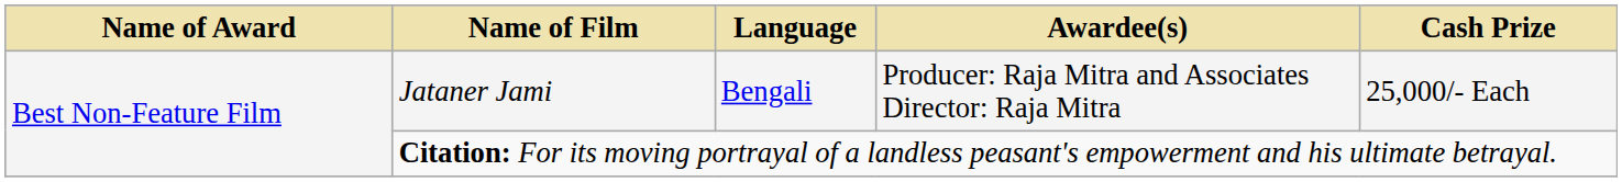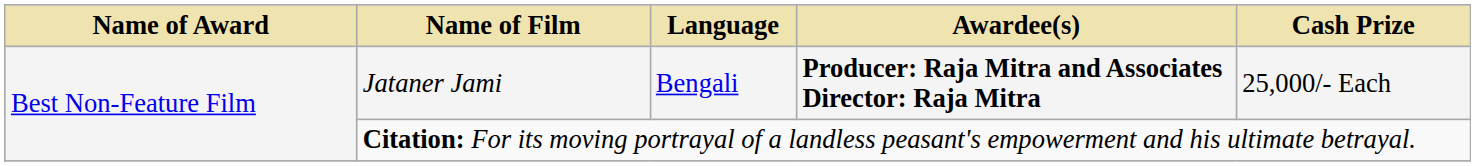 <table class="wikitable" style="width:100%;">
 <tr>
 <th style="background-color:#EFE4B0;width:24%;">Name of Award</th>
 <th style="background-color:#EFE4B0;width:20%;">Name of Film</th>
 <th style="background-color:#EFE4B0;width:10%;">Language</th>
 <th style="background-color:#EFE4B0;width:30%;">Awardee(s)</th>
 <th style="background-color:#EFE4B0;width:16%;">Cash Prize</th>
 </tr>
 <tr style="background-color:#F4F4F4">
 <td rowspan="2"><a href='#'>Best Non-Feature Film</a></td>
 <td><em>Jataner Jami</em></td>
 <td><a href='#'>Bengali</a></td>
-<td>Producer: Raja Mitra and Associates<br>Director: Raja Mitra</td>
+<td><strong>Producer: Raja Mitra and Associates<br>Director: Raja Mitra</strong></td>
 <td> 25,000/- Each</td>
 </tr>
 <tr style="background-color:#F9F9F9">
 <td colspan="4"><strong>Citation:</strong> <em>For its moving portrayal of a landless peasant's empowerment and his ultimate betrayal.</em></td>
 </tr>
 </table>
